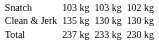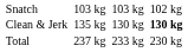 <table>
 <tr>
 <td>Snatch</td>
 <td></td>
 <td>103 kg</td>
 <td></td>
 <td>103 kg</td>
 <td></td>
 <td>102 kg</td>
 </tr>
 <tr>
 <td>Clean & Jerk</td>
 <td></td>
 <td>135 kg</td>
 <td></td>
 <td>130 kg</td>
 <td></td>
-<td>130 kg</td>
+<td><strong>130 kg</strong></td>
 </tr>
 <tr>
 <td>Total</td>
 <td></td>
 <td>237 kg</td>
 <td></td>
 <td>233 kg</td>
 <td></td>
 <td>230 kg</td>
 </tr>
 </table>
